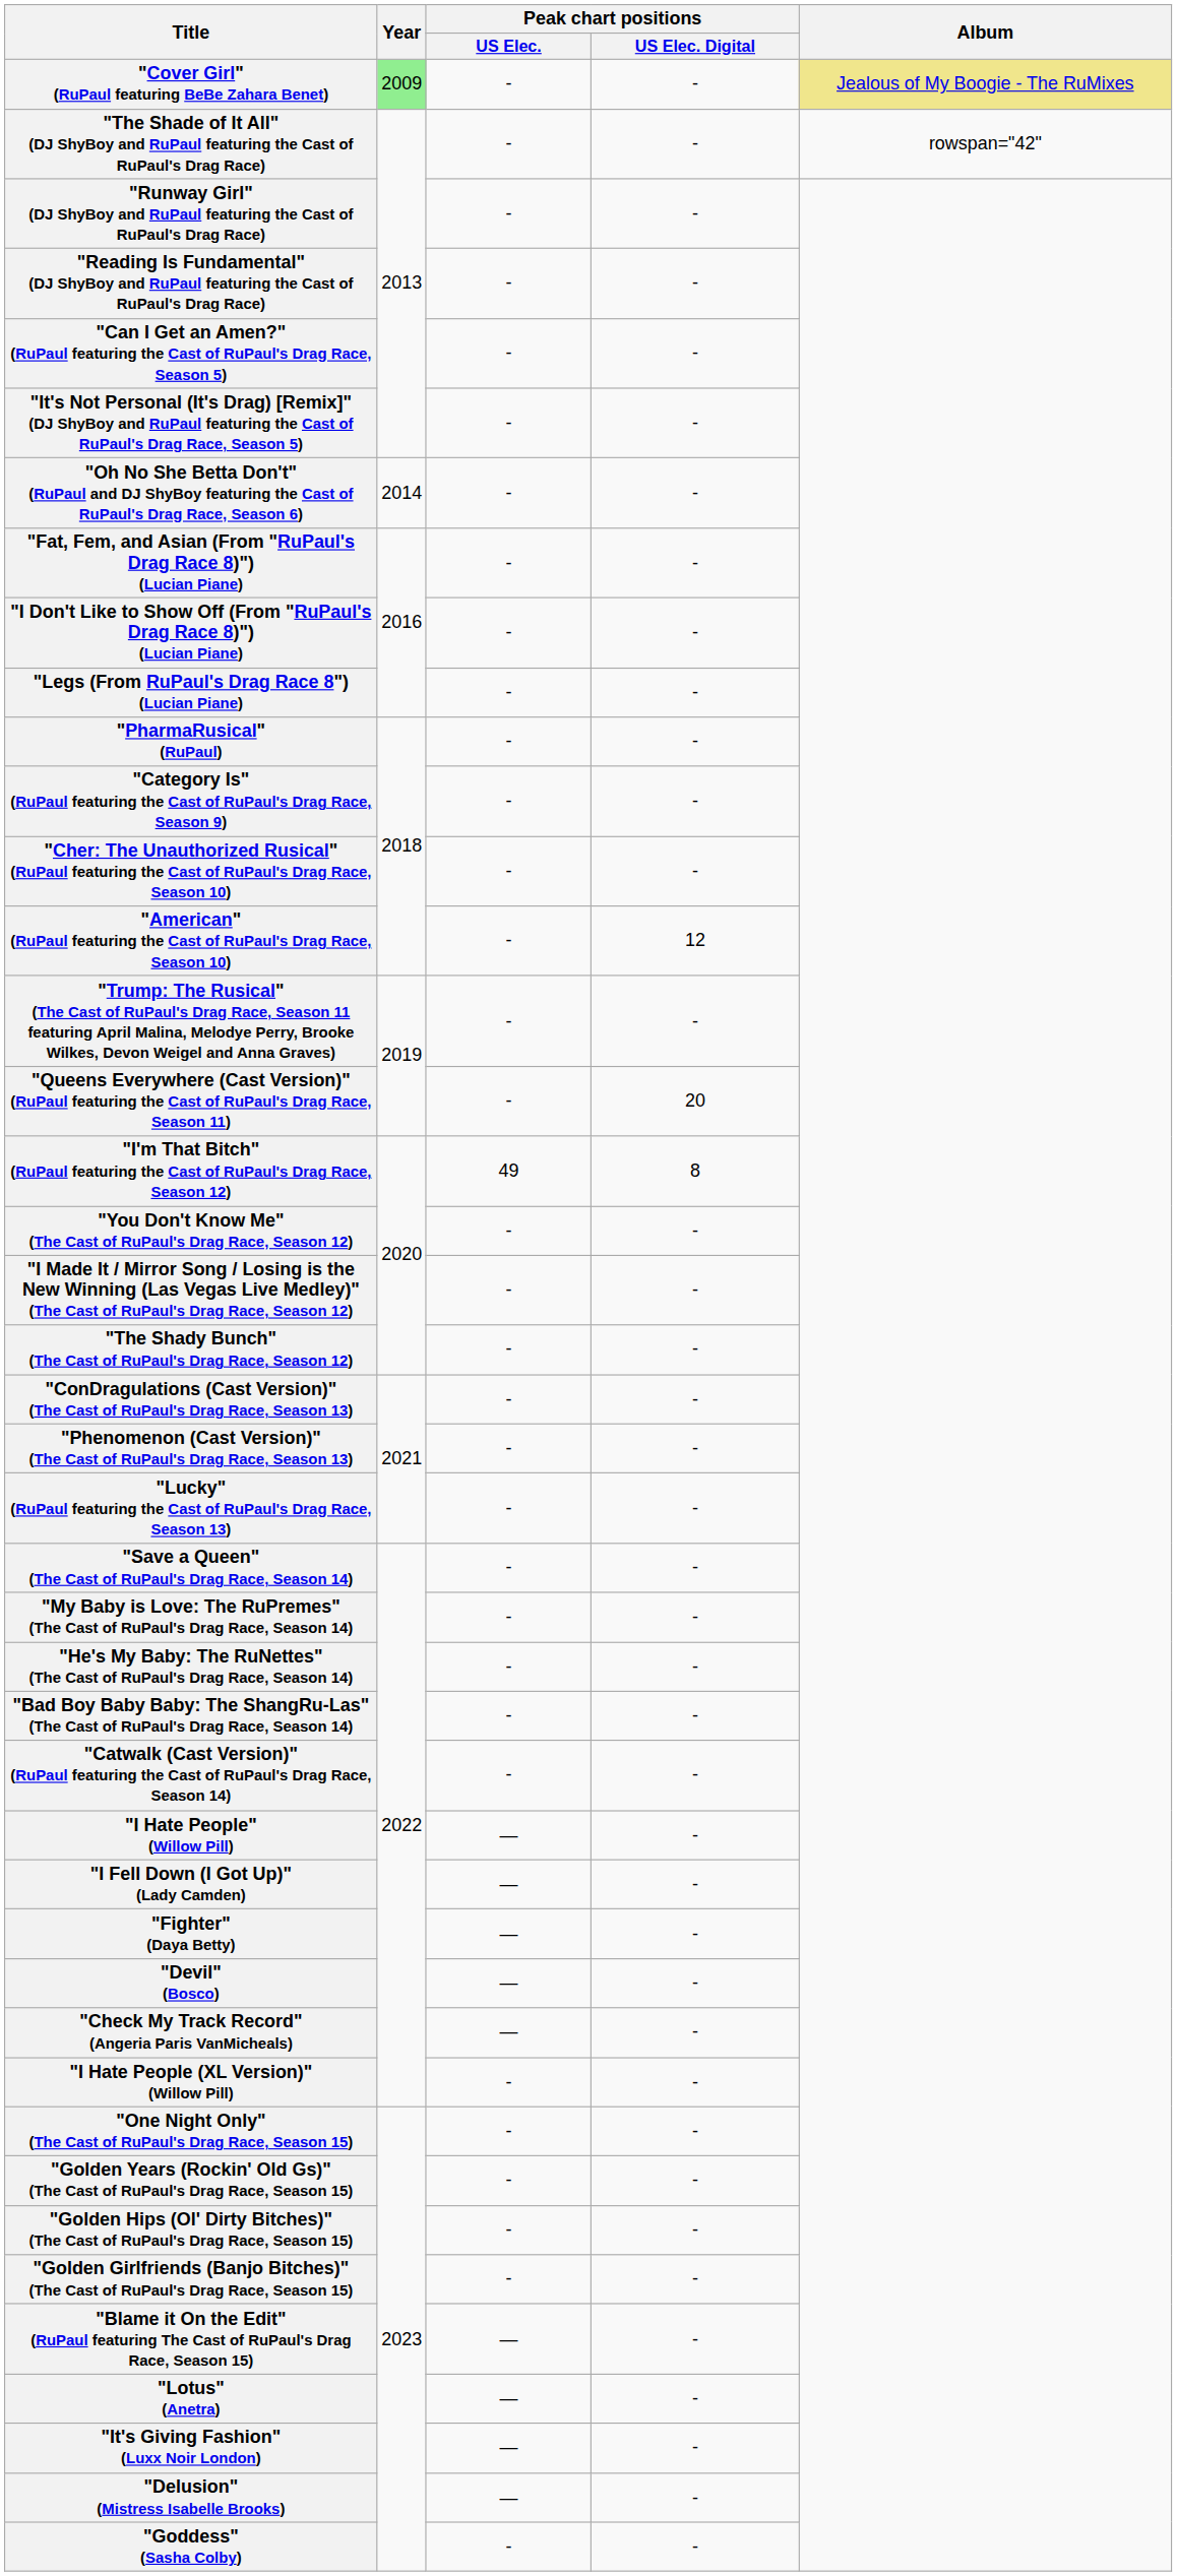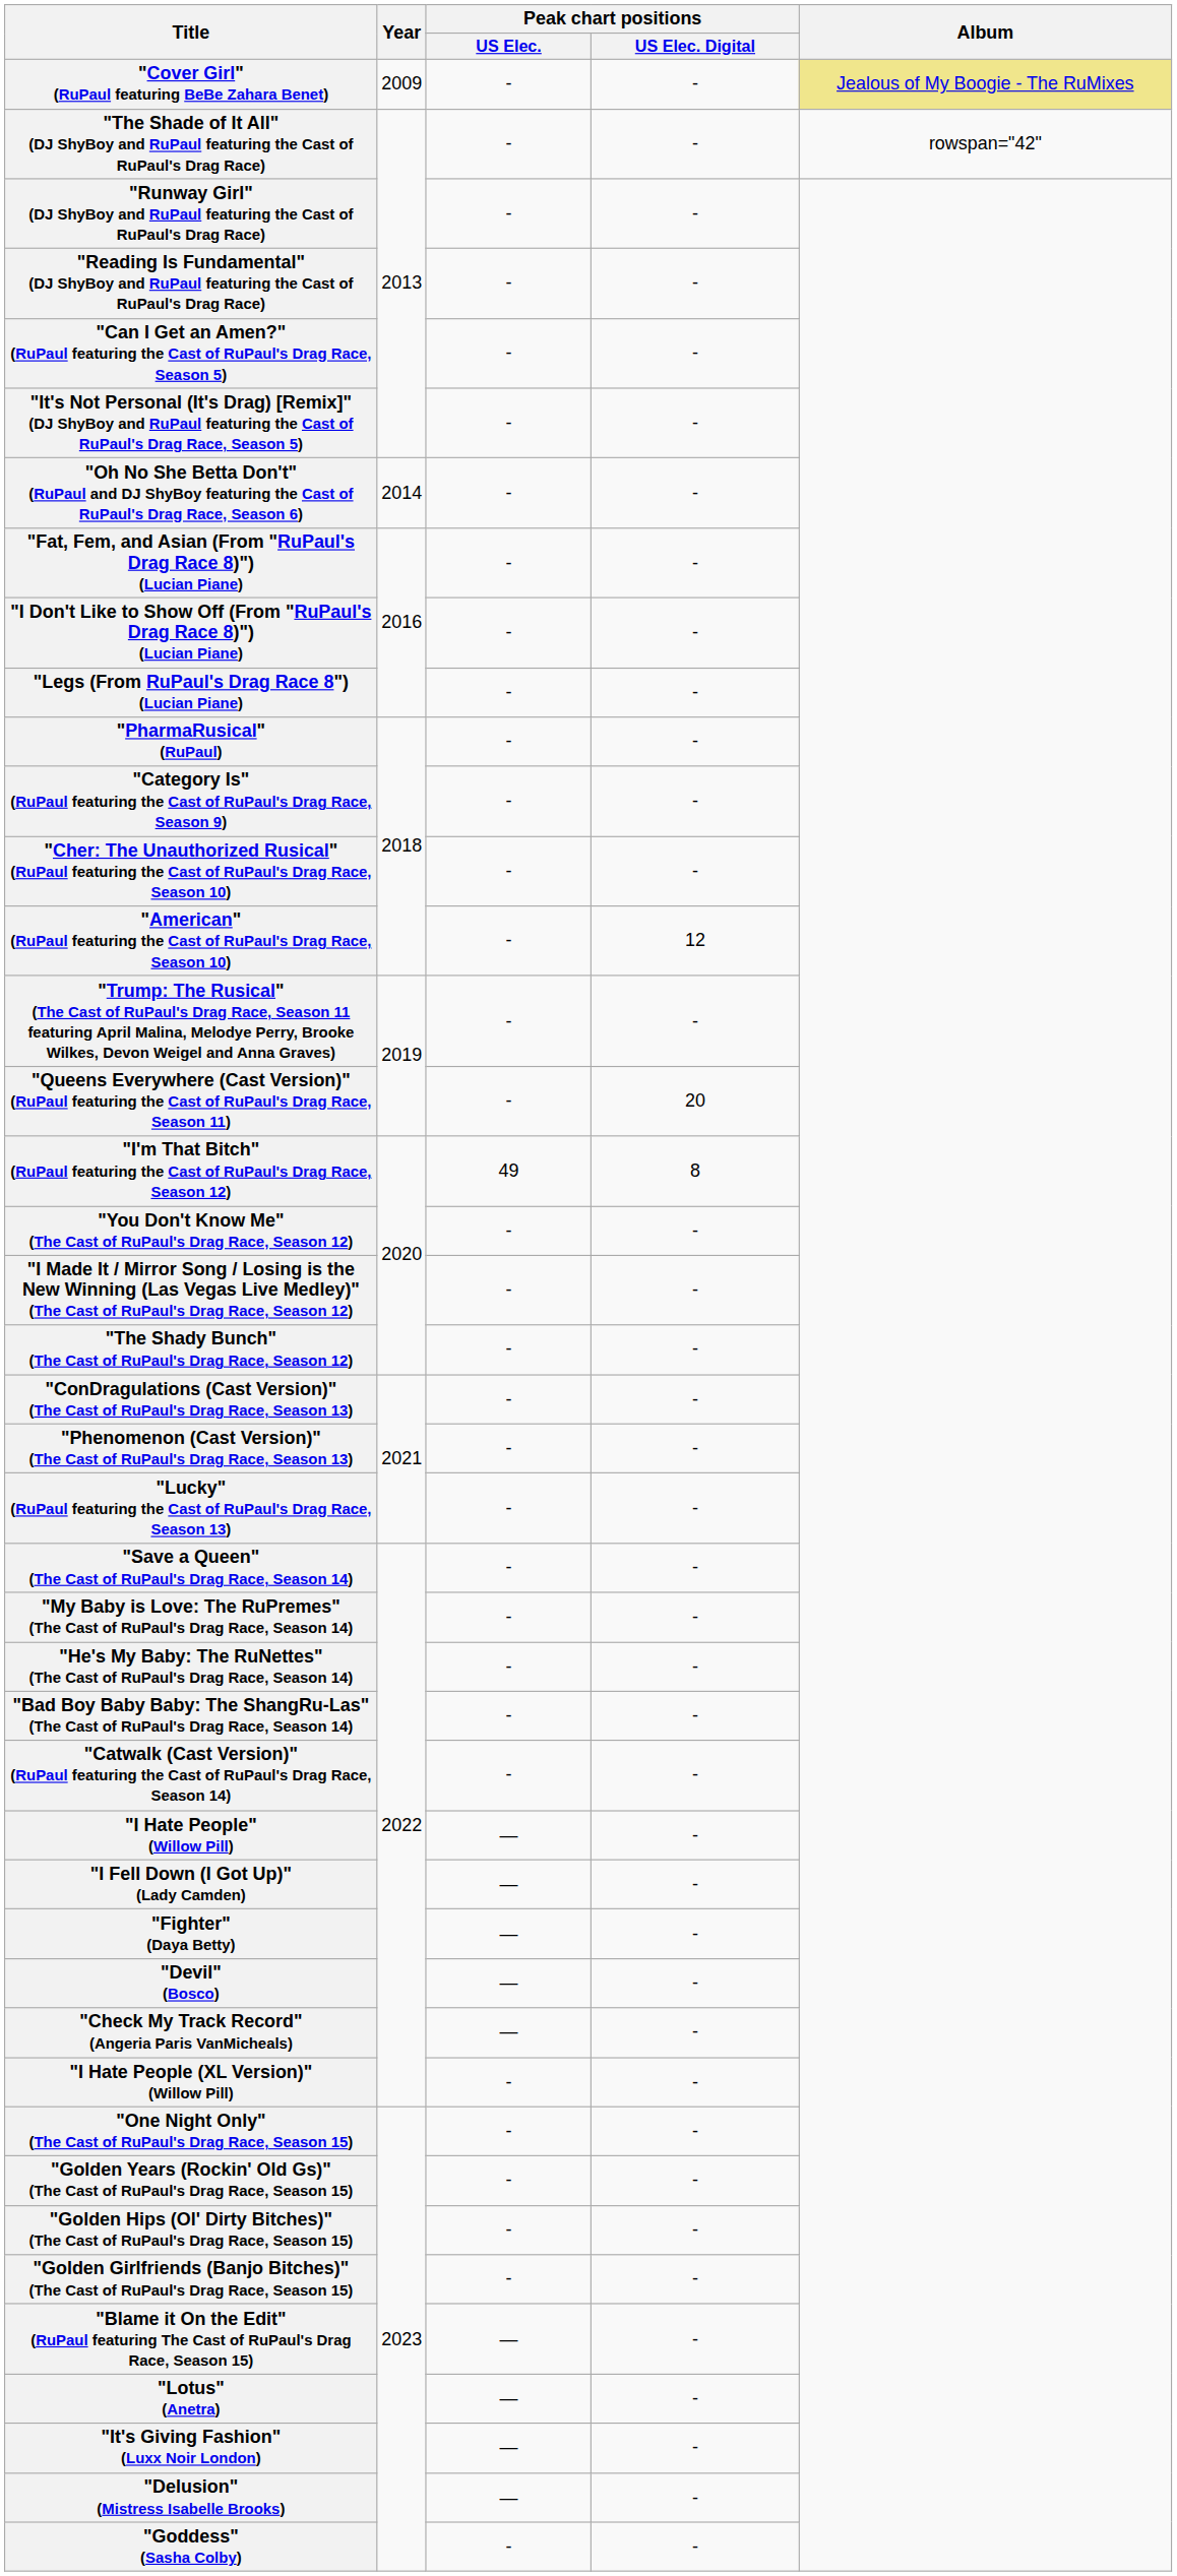 <table class="wikitable plainrowheaders" style="text-align:center;">
 <tr>
 <th rowspan="2" style="width:20em;">Title</th>
 <th rowspan="2" style="width:1em;">Year</th>
 <th colspan="2" style="width:20em;">Peak chart positions</th>
 <th rowspan="2" style="width:20em;">Album</th>
 </tr>
 <tr>
 <th scope="col" style="width:2em;font-size:90%;"><a href='#'>US Elec.</a></th>
 <th scope="col" style="width:2em;font-size:90%;"><a href='#'>US Elec. Digital</a></th>
 </tr>
 <tr>
 <th scope="row">"<a href='#'>Cover Girl</a>"<br><small>(<a href='#'>RuPaul</a> featuring <a href='#'>BeBe Zahara Benet</a>)</small></th>
-<td style="background: lightgreen;">2009</td>
+<td>2009</td>
 <td>-</td>
 <td>-</td>
 <td style="background: khaki;"><a href='#'>Jealous of My Boogie - The RuMixes</a></td>
 </tr>
 <tr>
 <th scope="row">"The Shade of It All"<br><small>(DJ ShyBoy and <a href='#'>RuPaul</a> featuring the Cast of RuPaul's Drag Race)</small></th>
 <td rowspan="5">2013</td>
 <td>-</td>
 <td>-</td>
 <td>rowspan="42" </td>
 </tr>
 <tr>
 <th scope="row">"Runway Girl"<br><small>(DJ ShyBoy and <a href='#'>RuPaul</a> featuring the Cast of RuPaul's Drag Race)</small></th>
 <td>-</td>
 <td>-</td>
 </tr>
 <tr>
 <th scope="row">"Reading Is Fundamental"<br><small>(DJ ShyBoy and <a href='#'>RuPaul</a> featuring the Cast of RuPaul's Drag Race)</small></th>
 <td>-</td>
 <td>-</td>
 </tr>
 <tr>
 <th scope="row">"Can I Get an Amen?"<br><small>(<a href='#'>RuPaul</a> featuring the <a href='#'>Cast of RuPaul's Drag Race, Season 5</a>)</small></th>
 <td>-</td>
 <td>-</td>
 </tr>
 <tr>
 <th scope="row">"It's Not Personal (It's Drag) [Remix]"<br><small>(DJ ShyBoy and <a href='#'>RuPaul</a> featuring the <a href='#'>Cast of RuPaul's Drag Race, Season 5</a>)</small></th>
 <td>-</td>
 <td>-</td>
 </tr>
 <tr>
 <th scope="row">"Oh No She Betta Don't"<br><small>(<a href='#'>RuPaul</a> and DJ ShyBoy featuring the <a href='#'>Cast of RuPaul's Drag Race, Season 6</a>)</small></th>
 <td>2014</td>
 <td>-</td>
 <td>-</td>
 </tr>
 <tr>
 <th scope="row">"Fat, Fem, and Asian (From "<a href='#'>RuPaul's Drag Race 8</a>)")<br><small>(<a href='#'>Lucian Piane</a>)</small></th>
 <td rowspan="3">2016</td>
 <td>-</td>
 <td>-</td>
 </tr>
 <tr>
 <th scope="row">"I Don't Like to Show Off (From "<a href='#'>RuPaul's Drag Race 8</a>)")<br><small>(<a href='#'>Lucian Piane</a>)</small></th>
 <td>-</td>
 <td>-</td>
 </tr>
 <tr>
 <th scope="row">"Legs (From <a href='#'>RuPaul's Drag Race 8</a>")<br><small>(<a href='#'>Lucian Piane</a>)</small></th>
 <td>-</td>
 <td>-</td>
 </tr>
 <tr>
 <th scope="row">"<a href='#'>PharmaRusical</a>"<br><small>(<a href='#'>RuPaul</a>)</small></th>
 <td rowspan="4">2018</td>
 <td>-</td>
 <td>-</td>
 </tr>
 <tr>
 <th scope="row">"Category Is"<br><small>(<a href='#'>RuPaul</a> featuring the <a href='#'>Cast of RuPaul's Drag Race, Season 9</a>)</small></th>
 <td>-</td>
 <td>-</td>
 </tr>
 <tr>
 <th scope="row">"<a href='#'>Cher: The Unauthorized Rusical</a>"<br><small>(<a href='#'>RuPaul</a> featuring the <a href='#'>Cast of RuPaul's Drag Race, Season 10</a>)</small></th>
 <td>-</td>
 <td>-</td>
 </tr>
 <tr>
 <th scope="row">"<a href='#'>American</a>"<br><small>(<a href='#'>RuPaul</a> featuring the <a href='#'>Cast of RuPaul's Drag Race, Season 10</a>)</small></th>
 <td>-</td>
 <td>12</td>
 </tr>
 <tr>
 <th scope="row">"<a href='#'>Trump: The Rusical</a>"<br><small>(<a href='#'>The Cast of RuPaul's Drag Race, Season 11</a> featuring April Malina, Melodye Perry, Brooke Wilkes, Devon Weigel and Anna Graves)</small></th>
 <td rowspan="2">2019</td>
 <td>-</td>
 <td>-</td>
 </tr>
 <tr>
 <th scope="row">"Queens Everywhere (Cast Version)"<br><small>(<a href='#'>RuPaul</a> featuring the <a href='#'>Cast of RuPaul's Drag Race, Season 11</a>)</small></th>
 <td>-</td>
 <td>20</td>
 </tr>
 <tr>
 <th scope="row">"I'm That Bitch"<br><small>(<a href='#'>RuPaul</a> featuring the <a href='#'>Cast of RuPaul's Drag Race, Season 12</a>)</small></th>
 <td rowspan="4">2020</td>
 <td>49</td>
 <td>8</td>
 </tr>
 <tr>
 <th scope="row">"You Don't Know Me"<br><small>(<a href='#'>The Cast of RuPaul's Drag Race, Season 12</a>)</small></th>
 <td>-</td>
 <td>-</td>
 </tr>
 <tr>
 <th scope="row">"I Made It / Mirror Song / Losing is the New Winning (Las Vegas Live Medley)"<br><small>(<a href='#'>The Cast of RuPaul's Drag Race, Season 12</a>)</small></th>
 <td>-</td>
 <td>-</td>
 </tr>
 <tr>
 <th scope="row">"The Shady Bunch"<br><small>(<a href='#'>The Cast of RuPaul's Drag Race, Season 12</a>)</small></th>
 <td>-</td>
 <td>-</td>
 </tr>
 <tr>
 <th scope="row">"ConDragulations (Cast Version)"<br><small>(<a href='#'>The Cast of RuPaul's Drag Race, Season 13</a>)</small></th>
 <td rowspan="3">2021</td>
 <td>-</td>
 <td>-</td>
 </tr>
 <tr>
 <th scope="row">"Phenomenon (Cast Version)"<br><small>(<a href='#'>The Cast of RuPaul's Drag Race, Season 13</a>)</small></th>
 <td>-</td>
 <td>-</td>
 </tr>
 <tr>
 <th scope="row">"Lucky" <br><small>(<a href='#'>RuPaul</a> featuring the <a href='#'>Cast of RuPaul's Drag Race, Season 13</a>)</small></th>
 <td>-</td>
 <td>-</td>
 </tr>
 <tr>
 <th scope="row">"Save a Queen"<br><small>(<a href='#'>The Cast of RuPaul's Drag Race, Season 14</a>)</small></th>
 <td rowspan="11">2022</td>
 <td>-</td>
 <td>-</td>
 </tr>
 <tr>
 <th scope="row">"My Baby is Love: The RuPremes" <br><small>(The Cast of RuPaul's Drag Race, Season 14)</small></th>
 <td>-</td>
 <td>-</td>
 </tr>
 <tr>
 <th scope="row">"He's My Baby: The RuNettes" <br><small>(The Cast of RuPaul's Drag Race, Season 14)</small></th>
 <td>-</td>
 <td>-</td>
 </tr>
 <tr>
 <th scope="row">"Bad Boy Baby Baby: The ShangRu-Las" <br><small>(The Cast of RuPaul's Drag Race, Season 14)</small></th>
 <td>-</td>
 <td>-</td>
 </tr>
 <tr>
 <th scope="row">"Catwalk (Cast Version)" <br><small>(<a href='#'>RuPaul</a> featuring the Cast of RuPaul's Drag Race, Season 14)</small></th>
 <td>-</td>
 <td>-</td>
 </tr>
 <tr>
 <th scope="row">"I Hate People"<br><small>(<a href='#'>Willow Pill</a>)</small></th>
 <td>—</td>
 <td>-</td>
 </tr>
 <tr>
 <th scope="row">"I Fell Down (I Got Up)"<br><small>(Lady Camden)</small></th>
 <td>—</td>
 <td>-</td>
 </tr>
 <tr>
 <th scope="row">"Fighter"<br><small>(Daya Betty)</small></th>
 <td>—</td>
 <td>-</td>
 </tr>
 <tr>
 <th scope="row">"Devil"<br><small>(<a href='#'>Bosco</a>)</small></th>
 <td>—</td>
 <td>-</td>
 </tr>
 <tr>
 <th scope="row">"Check My Track Record"<br><small>(Angeria Paris VanMicheals)</small></th>
 <td>—</td>
 <td>-</td>
 </tr>
 <tr>
 <th scope="row">"I Hate People (XL Version)"<br><small>(Willow Pill)</small></th>
 <td>-</td>
 <td>-</td>
 </tr>
 <tr>
 <th scope="row">"One Night Only" <br><small>(<a href='#'>The Cast of RuPaul's Drag Race, Season 15</a>)</small></th>
 <td rowspan="9">2023</td>
 <td>-</td>
 <td>-</td>
 </tr>
 <tr>
 <th scope="row">"Golden Years (Rockin' Old Gs)" <br><small>(The Cast of RuPaul's Drag Race, Season 15)</small></th>
 <td>-</td>
 <td>-</td>
 </tr>
 <tr>
 <th scope="row">"Golden Hips (Ol' Dirty Bitches)" <br><small>(The Cast of RuPaul's Drag Race, Season 15)</small></th>
 <td>-</td>
 <td>-</td>
 </tr>
 <tr>
 <th scope="row">"Golden Girlfriends (Banjo Bitches)" <br><small>(The Cast of RuPaul's Drag Race, Season 15)</small></th>
 <td>-</td>
 <td>-</td>
 </tr>
 <tr>
 <th scope="row">"Blame it On the Edit"<br><small>(<a href='#'>RuPaul</a> featuring The Cast of RuPaul's Drag Race, Season 15)</small></th>
 <td>—</td>
 <td>-</td>
 </tr>
 <tr>
 <th scope="row">"Lotus"<br><small>(<a href='#'>Anetra</a>)</small></th>
 <td>—</td>
 <td>-</td>
 </tr>
 <tr>
 <th scope="row">"It's Giving Fashion"<br><small>(<a href='#'>Luxx Noir London</a>)</small></th>
 <td>—</td>
 <td>-</td>
 </tr>
 <tr>
 <th scope="row">"Delusion"<br><small>(<a href='#'>Mistress Isabelle Brooks</a>)</small></th>
 <td>—</td>
 <td>-</td>
 </tr>
 <tr>
 <th scope="row">"Goddess"<br><small>(<a href='#'>Sasha Colby</a>)</small></th>
 <td>-</td>
 <td>-</td>
 </tr>
 </table>
